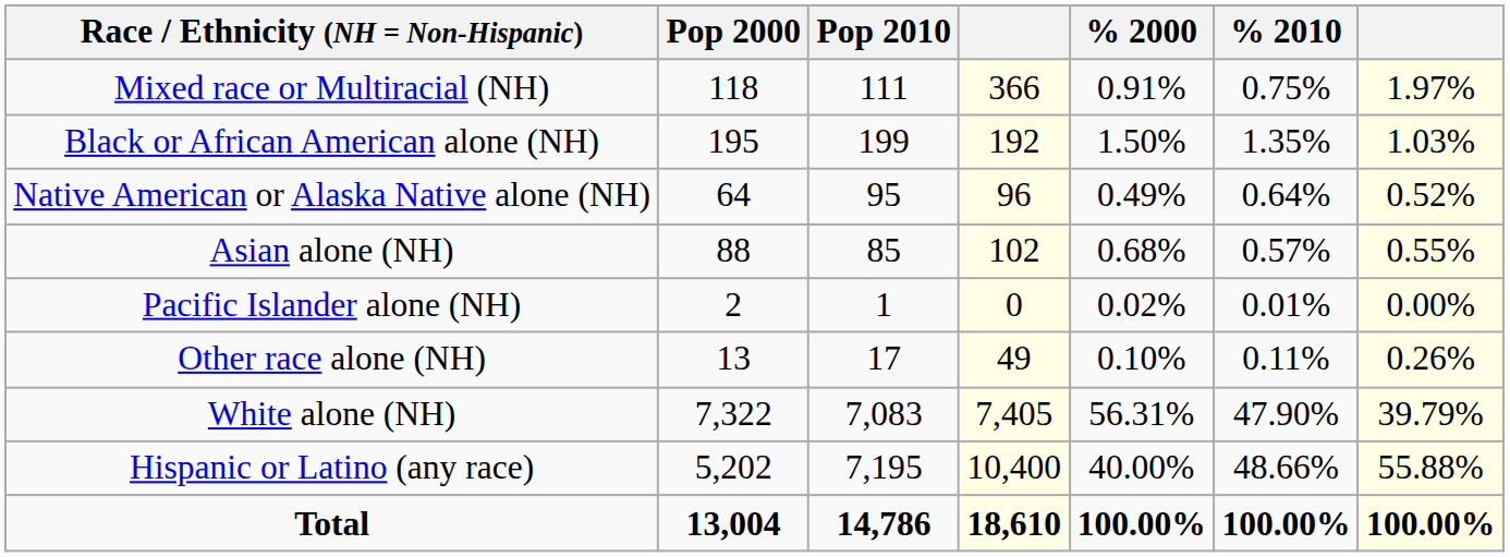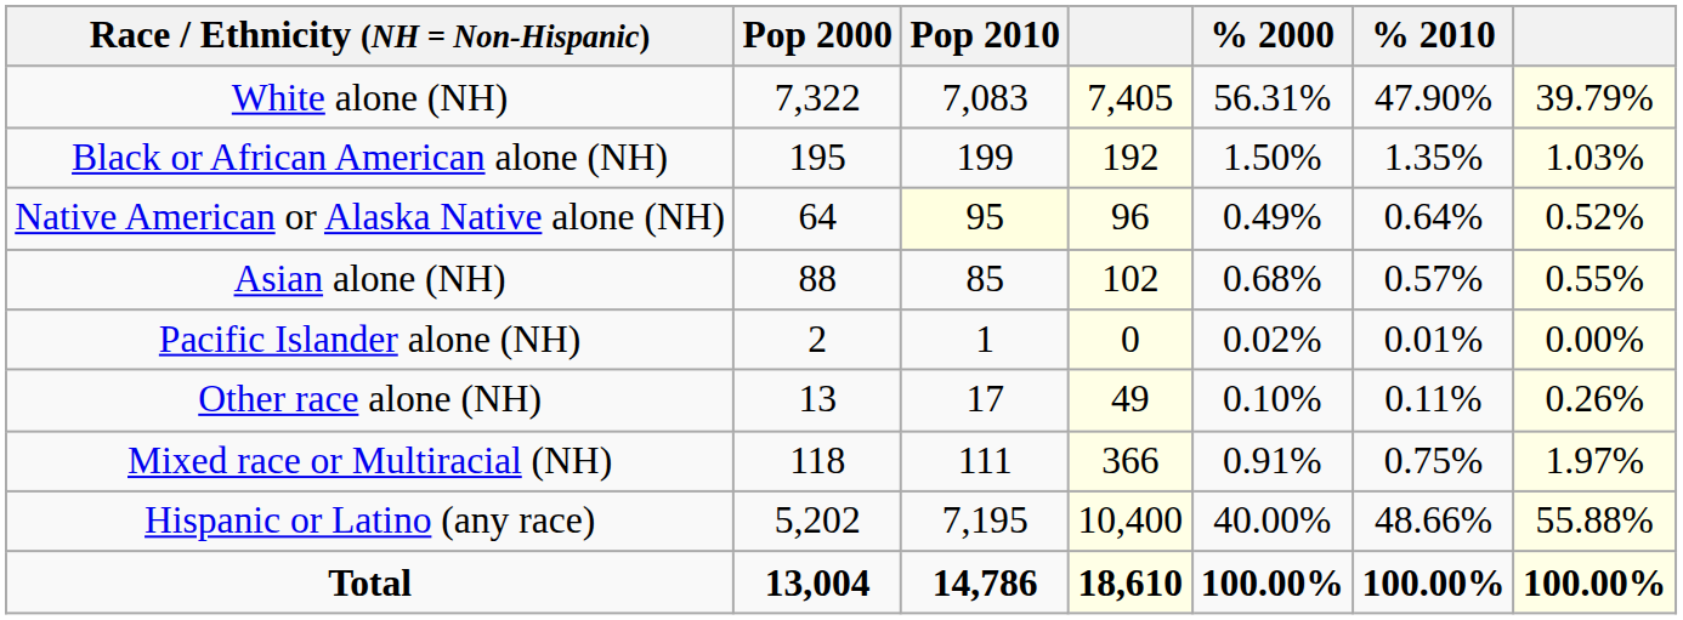 <table class="wikitable" style="text-align:center;">
 <tr>
 <th>Race / Ethnicity <small>(<em>NH = Non-Hispanic</em>)</small></th>
 <th>Pop 2000</th>
 <th>Pop 2010</th>
 <th></th>
 <th>% 2000</th>
 <th>% 2010</th>
 <th></th>
 </tr>
 <tr>
-<td><a href='#'>Mixed race or Multiracial</a> (NH)</td>
-<td>118</td>
-<td>111</td>
-<td style='background: #ffffe6;'>366</td>
-<td>0.91%</td>
-<td>0.75%</td>
-<td style='background: #ffffe6;'>1.97%</td>
+<td><a href='#'>White</a> alone (NH)</td>
+<td>7,322</td>
+<td>7,083</td>
+<td style='background: #ffffe6;'>7,405</td>
+<td>56.31%</td>
+<td>47.90%</td>
+<td style='background: #ffffe6;'>39.79%</td>
 </tr>
 <tr>
 <td><a href='#'>Black or African American</a> alone (NH)</td>
 <td>195</td>
 <td>199</td>
 <td style='background: #ffffe6;'>192</td>
 <td>1.50%</td>
 <td>1.35%</td>
 <td style='background: #ffffe6;'>1.03%</td>
 </tr>
 <tr>
 <td><a href='#'>Native American</a> or <a href='#'>Alaska Native</a> alone (NH)</td>
 <td>64</td>
-<td>95</td>
+<td style="background: lightyellow;">95</td>
 <td style='background: #ffffe6;'>96</td>
 <td>0.49%</td>
 <td>0.64%</td>
 <td style='background: #ffffe6;'>0.52%</td>
 </tr>
 <tr>
 <td><a href='#'>Asian</a> alone (NH)</td>
 <td>88</td>
 <td>85</td>
 <td style='background: #ffffe6;'>102</td>
 <td>0.68%</td>
 <td>0.57%</td>
 <td style='background: #ffffe6;'>0.55%</td>
 </tr>
 <tr>
 <td><a href='#'>Pacific Islander</a> alone (NH)</td>
 <td>2</td>
 <td>1</td>
 <td style='background: #ffffe6;'>0</td>
 <td>0.02%</td>
 <td>0.01%</td>
 <td style='background: #ffffe6;'>0.00%</td>
 </tr>
 <tr>
 <td><a href='#'>Other race</a> alone (NH)</td>
 <td>13</td>
 <td>17</td>
 <td style='background: #ffffe6;'>49</td>
 <td>0.10%</td>
 <td>0.11%</td>
 <td style='background: #ffffe6;'>0.26%</td>
 </tr>
 <tr>
-<td><a href='#'>White</a> alone (NH)</td>
-<td>7,322</td>
-<td>7,083</td>
-<td style='background: #ffffe6;'>7,405</td>
-<td>56.31%</td>
-<td>47.90%</td>
-<td style='background: #ffffe6;'>39.79%</td>
+<td><a href='#'>Mixed race or Multiracial</a> (NH)</td>
+<td>118</td>
+<td>111</td>
+<td style='background: #ffffe6;'>366</td>
+<td>0.91%</td>
+<td>0.75%</td>
+<td style='background: #ffffe6;'>1.97%</td>
 </tr>
 <tr>
 <td><a href='#'>Hispanic or Latino</a> (any race)</td>
 <td>5,202</td>
 <td>7,195</td>
 <td style='background: #ffffe6;'>10,400</td>
 <td>40.00%</td>
 <td>48.66%</td>
 <td style='background: #ffffe6;'>55.88%</td>
 </tr>
 <tr>
 <td><strong>Total</strong></td>
 <td><strong>13,004</strong></td>
 <td><strong>14,786</strong></td>
 <td style='background: #ffffe6;'><strong>18,610</strong></td>
 <td><strong>100.00%</strong></td>
 <td><strong>100.00%</strong></td>
 <td style='background: #ffffe6;'><strong>100.00%</strong></td>
 </tr>
 </table>
